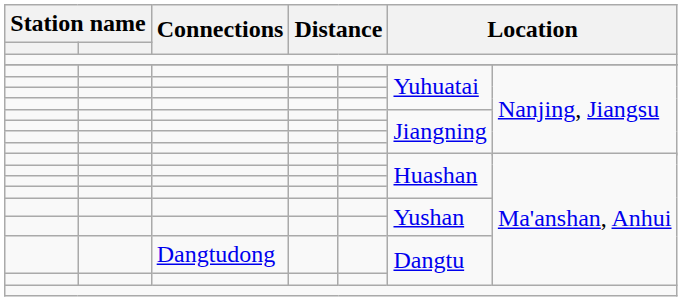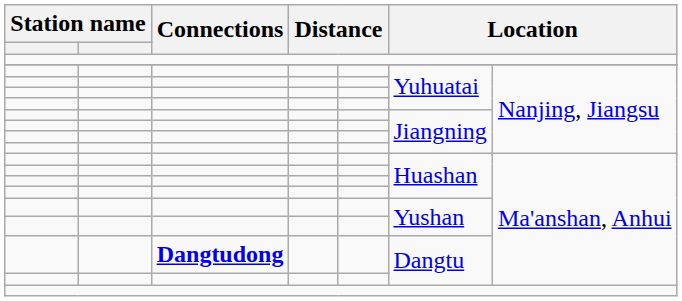 <table class="wikitable">
 <tr>
 <th colspan="2">Station name</th>
 <th rowspan="2">Connections</th>
 <th colspan="2" rowspan="2">Distance<br></th>
 <th colspan="2" rowspan="2">Location</th>
 </tr>
 <tr>
 <th></th>
 <th></th>
 </tr>
 <tr style="background:#">
 <td colspan = "7"></td>
 </tr>
 <tr>
 </tr>
 <tr>
 <td></td>
 <td></td>
 <td></td>
 <td></td>
 <td></td>
 <td rowspan="4"><a href='#'>Yuhuatai</a></td>
 <td rowspan="9"><a href='#'>Nanjing</a>, <a href='#'>Jiangsu</a></td>
 </tr>
 <tr>
 <td></td>
 <td></td>
 <td></td>
 <td></td>
 <td></td>
 </tr>
 <tr>
 <td></td>
 <td></td>
 <td></td>
 <td></td>
 <td></td>
 </tr>
 <tr>
 <td></td>
 <td></td>
 <td></td>
 <td></td>
 <td></td>
 </tr>
 <tr>
 <td></td>
 <td></td>
 <td></td>
 <td></td>
 <td></td>
 <td rowspan="5"><a href='#'>Jiangning</a></td>
 </tr>
 <tr>
 <td></td>
 <td></td>
 <td></td>
 <td></td>
 <td></td>
 </tr>
 <tr>
 <td></td>
 <td></td>
 <td></td>
 <td></td>
 <td></td>
 </tr>
 <tr>
 <td></td>
 <td></td>
 <td></td>
 <td></td>
 <td></td>
 </tr>
 <tr>
 <td rowspan="2"></td>
 <td rowspan="2"></td>
 <td rowspan="2"></td>
 <td rowspan="2"></td>
 <td rowspan="2"></td>
 </tr>
 <tr>
 <td rowspan="4"><a href='#'>Huashan</a></td>
 <td rowspan="8"><a href='#'>Ma'anshan</a>, <a href='#'>Anhui</a></td>
 </tr>
 <tr>
 <td></td>
 <td></td>
 <td></td>
 <td></td>
 <td></td>
 </tr>
 <tr>
 <td></td>
 <td></td>
 <td></td>
 <td></td>
 <td></td>
 </tr>
 <tr>
 <td></td>
 <td></td>
 <td></td>
 <td></td>
 <td></td>
 </tr>
 <tr>
 <td></td>
 <td></td>
 <td></td>
 <td></td>
 <td></td>
 <td rowspan="2"><a href='#'>Yushan</a></td>
 </tr>
 <tr>
 <td></td>
 <td></td>
 <td></td>
 <td></td>
 <td></td>
 </tr>
 <tr>
 <td></td>
 <td></td>
-<td><a href='#'>Dangtudong</a></td>
+<td><strong><a href='#'>Dangtudong</a></strong></td>
 <td></td>
 <td></td>
 <td rowspan="2"><a href='#'>Dangtu</a></td>
 </tr>
 <tr>
 <td></td>
 <td></td>
 <td></td>
 <td></td>
 <td></td>
 </tr>
 <tr style="background:#">
 <td colspan = "7"></td>
 </tr>
 </table>
